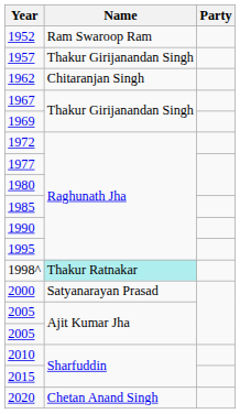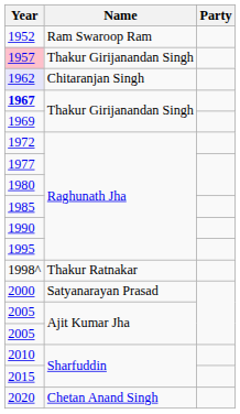 <table class="wikitable sortable">
 <tr>
 <th>Year</th>
 <th>Name</th>
 <th colspan="2">Party</th>
 </tr>
 <tr>
 <td><a href='#'>1952</a></td>
 <td>Ram Swaroop Ram</td>
 <td></td>
 </tr>
 <tr>
-<td><a href='#'>1957</a></td>
+<td style="background: pink;"><a href='#'>1957</a></td>
 <td>Thakur Girijanandan Singh</td>
 </tr>
 <tr>
-<td><a href='#'>1962</a></td>
+<td style="background: lavender;"><a href='#'>1962</a></td>
 <td>Chitaranjan Singh</td>
 <td></td>
 </tr>
 <tr>
-<td><a href='#'>1967</a></td>
+<td><strong><a href='#'>1967</a></strong></td>
 <td rowspan="2">Thakur Girijanandan Singh</td>
 <td></td>
 </tr>
 <tr>
 <td><a href='#'>1969</a></td>
 <td></td>
 </tr>
 <tr>
 <td><a href='#'>1972</a></td>
 <td rowspan="6"><a href='#'>Raghunath Jha</a></td>
 <td></td>
 </tr>
 <tr>
 <td><a href='#'>1977</a></td>
 </tr>
 <tr>
 <td><a href='#'>1980</a></td>
 </tr>
 <tr>
 <td><a href='#'>1985</a></td>
 <td></td>
 </tr>
 <tr>
 <td><a href='#'>1990</a></td>
 <td></td>
 </tr>
 <tr>
 <td><a href='#'>1995</a></td>
 </tr>
 <tr>
 <td>1998^</td>
-<td style="background: paleturquoise;">Thakur Ratnakar</td>
+<td>Thakur Ratnakar</td>
 <td></td>
 </tr>
 <tr>
 <td><a href='#'>2000</a></td>
 <td>Satyanarayan Prasad</td>
 </tr>
 <tr>
 <td><a href='#'>2005</a></td>
 <td rowspan="2">Ajit Kumar Jha</td>
 </tr>
 <tr>
 <td><a href='#'>2005</a></td>
 </tr>
 <tr>
 <td><a href='#'>2010</a></td>
 <td rowspan="2"><a href='#'>Sharfuddin</a></td>
 <td></td>
 </tr>
 <tr>
 <td><a href='#'>2015</a></td>
 </tr>
 <tr>
 <td><a href='#'>2020</a></td>
 <td><a href='#'>Chetan Anand Singh</a></td>
 <td></td>
 </tr>
 </table>
